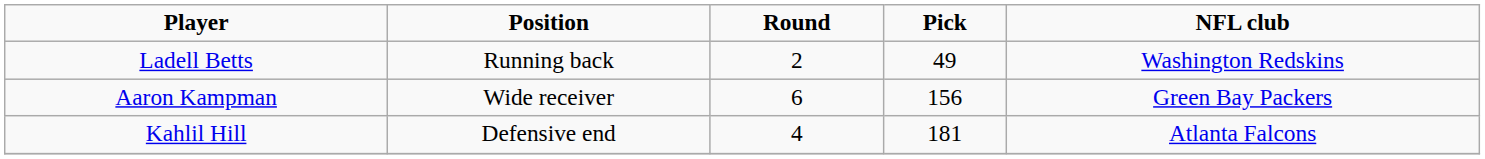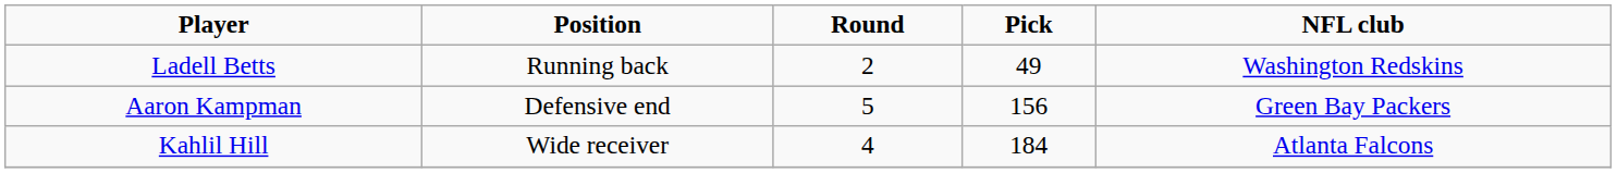 <table class="wikitable" width="80%">
 <tr align="center">
 <td><strong>Player</strong></td>
 <td><strong>Position</strong></td>
 <td><strong>Round</strong></td>
 <td><strong>Pick</strong></td>
 <td><strong>NFL club</strong></td>
 </tr>
 <tr align="center" bgcolor="">
 <td><a href='#'>Ladell Betts</a></td>
 <td>Running back</td>
 <td>2</td>
 <td>49</td>
 <td><a href='#'>Washington Redskins</a></td>
 </tr>
 <tr align="center" bgcolor="">
 <td><a href='#'>Aaron Kampman</a></td>
-<td>Wide receiver</td>
-<td>6</td>
+<td>Defensive end</td>
+<td>5</td>
 <td>156</td>
 <td><a href='#'>Green Bay Packers</a></td>
 </tr>
 <tr align="center" bgcolor="">
 <td><a href='#'>Kahlil Hill</a></td>
-<td>Defensive end</td>
+<td>Wide receiver</td>
 <td>4</td>
-<td>181</td>
+<td>184</td>
 <td><a href='#'>Atlanta Falcons</a></td>
 </tr>
 <tr align="center" bgcolor="">
 </tr>
 </table>
